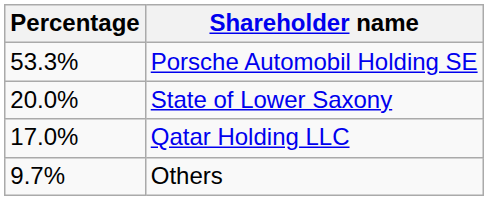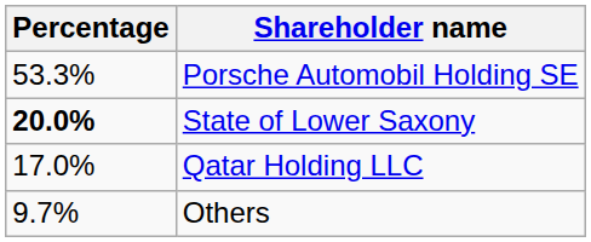 <table class="wikitable sortable">
 <tr>
 <th>Percentage</th>
 <th><a href='#'>Shareholder</a> name</th>
 </tr>
 <tr>
 <td>53.3%</td>
 <td><a href='#'>Porsche Automobil Holding SE</a></td>
 </tr>
 <tr>
-<td>20.0%</td>
+<td><strong>20.0%</strong></td>
 <td><a href='#'>State of Lower Saxony</a></td>
 </tr>
 <tr>
 <td>17.0%</td>
 <td><a href='#'>Qatar Holding LLC</a></td>
 </tr>
 <tr>
 <td>9.7%</td>
 <td>Others</td>
 </tr>
 </table>
